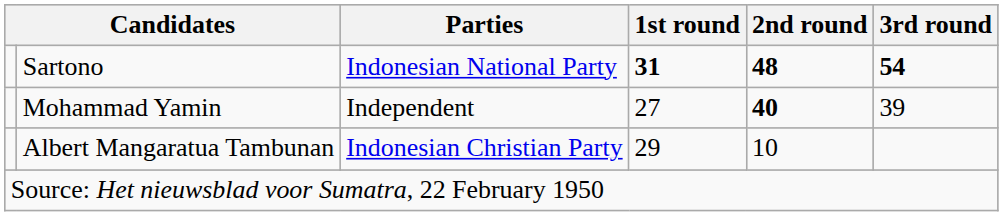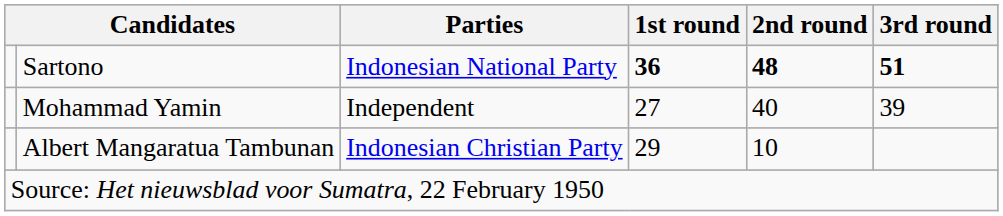 <table class="wikitable">
 <tr>
 <th colspan="2">Candidates</th>
 <th>Parties</th>
 <th>1st round</th>
 <th>2nd round</th>
 <th>3rd round</th>
 </tr>
 <tr>
 <td style="background-color:"></td>
 <td>Sartono</td>
 <td><a href='#'>Indonesian National Party</a></td>
-<td><strong>31</strong></td>
+<td><strong>36</strong></td>
 <td><strong>48</strong></td>
-<td><strong>54</strong></td>
+<td><strong>51</strong></td>
 </tr>
 <tr>
 <td style="background-color:"></td>
 <td>Mohammad Yamin</td>
 <td>Independent</td>
 <td>27</td>
-<td><strong>40</strong></td>
+<td>40</td>
 <td>39</td>
 </tr>
 <tr>
 <td style="background-color:"></td>
 <td>Albert Mangaratua Tambunan</td>
 <td><a href='#'>Indonesian Christian Party</a></td>
 <td>29</td>
 <td>10</td>
 <td></td>
 </tr>
 <tr>
 <td colspan="6">Source: <em>Het nieuwsblad voor Sumatra</em>, 22 February 1950</td>
 </tr>
 </table>
